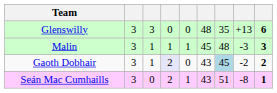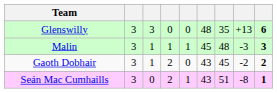 <table class="wikitable" style="text-align:center">
 <tr>
 <th style="width:175px;">Team</th>
 <th width="20"></th>
 <th width="20"></th>
 <th width="20"></th>
 <th width="20"></th>
 <th width="20"></th>
 <th width="20"></th>
 <th width="20"></th>
 <th width="20"></th>
 </tr>
 <tr style="background:#cfc;">
 <td><a href='#'>Glenswilly</a></td>
 <td>3</td>
 <td>3</td>
 <td>0</td>
 <td>0</td>
 <td>48</td>
 <td>35</td>
 <td>+13</td>
 <td><strong>6</strong></td>
 </tr>
 <tr style="background:#cfc;">
 <td><a href='#'>Malin</a></td>
 <td>3</td>
 <td>1</td>
 <td>1</td>
 <td>1</td>
 <td>45</td>
 <td>48</td>
 <td>-3</td>
 <td><strong>3</strong></td>
 </tr>
 <tr>
 <td><a href='#'>Gaoth Dobhair</a></td>
 <td>3</td>
 <td>1</td>
-<td style="background: lavender;">2</td>
+<td>2</td>
 <td>0</td>
 <td>43</td>
-<td style="background: lightblue;">45</td>
+<td>45</td>
 <td>-2</td>
 <td><strong>2</strong></td>
 </tr>
 <tr style="background:#fcf;">
 <td><a href='#'>Seán Mac Cumhaills</a></td>
 <td>3</td>
 <td>0</td>
 <td>2</td>
 <td>1</td>
 <td>43</td>
 <td>51</td>
 <td>-8</td>
 <td><strong>1</strong></td>
 </tr>
 </table>
